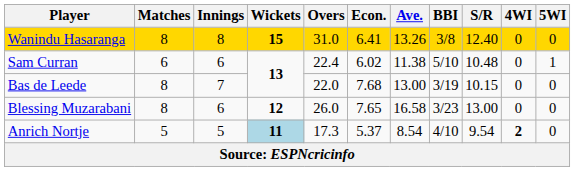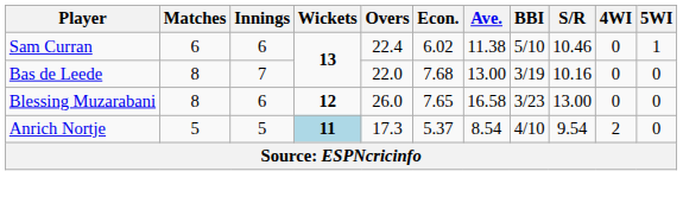 <table class="wikitable" style="text-align: center;">
 <tr>
 <th>Player</th>
 <th>Matches</th>
 <th>Innings</th>
 <th>Wickets</th>
 <th>Overs</th>
 <th>Econ.</th>
 <th><a href='#'>Ave.</a></th>
 <th>BBI</th>
 <th>S/R</th>
 <th>4WI</th>
 <th>5WI</th>
 </tr>
-<tr style="background:gold;">
-<td style="text-align:left"> <a href='#'>Wanindu Hasaranga</a></td>
-<td>8</td>
-<td>8</td>
-<td><strong>15</strong></td>
-<td>31.0</td>
-<td>6.41</td>
-<td>13.26</td>
-<td>3/8</td>
-<td>12.40</td>
-<td>0</td>
-<td>0</td>
-</tr>
 <tr>
 <td style="text-align:left"> <a href='#'>Sam Curran</a></td>
 <td>6</td>
 <td>6</td>
 <td rowspan=2><strong>13</strong></td>
 <td>22.4</td>
 <td>6.02</td>
 <td>11.38</td>
 <td>5/10</td>
-<td>10.48</td>
+<td>10.46</td>
 <td>0</td>
 <td>1</td>
 </tr>
 <tr>
 <td style="text-align:left"> <a href='#'>Bas de Leede</a></td>
 <td>8</td>
 <td>7</td>
 <td>22.0</td>
 <td>7.68</td>
 <td>13.00</td>
 <td>3/19</td>
-<td>10.15</td>
+<td>10.16</td>
 <td>0</td>
 <td>0</td>
 </tr>
 <tr>
 <td style="text-align:left"> <a href='#'>Blessing Muzarabani</a></td>
 <td>8</td>
 <td>6</td>
 <td><strong>12</strong></td>
 <td>26.0</td>
 <td>7.65</td>
 <td>16.58</td>
 <td>3/23</td>
 <td>13.00</td>
 <td>0</td>
 <td>0</td>
 </tr>
 <tr>
 <td style="text-align:left"> <a href='#'>Anrich Nortje</a></td>
 <td>5</td>
 <td>5</td>
 <td style="background: lightblue;"><strong>11</strong></td>
 <td>17.3</td>
 <td>5.37</td>
 <td>8.54</td>
 <td>4/10</td>
 <td>9.54</td>
-<td><strong>2</strong></td>
+<td>2</td>
 <td>0</td>
 </tr>
 <tr>
 <th colspan="11">Source: <em>ESPNcricinfo</em></th>
 </tr>
 </table>
